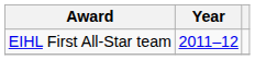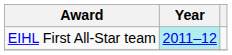 <table class="wikitable">
 <tr>
 <th>Award</th>
 <th>Year</th>
 <th></th>
 </tr>
 <tr>
 <td><a href='#'>EIHL</a> First All-Star team</td>
-<td><a href='#'>2011–12</a></td>
+<td style="background: paleturquoise;"><a href='#'>2011–12</a></td>
 <td></td>
 </tr>
 <tr>
 </tr>
 </table>
